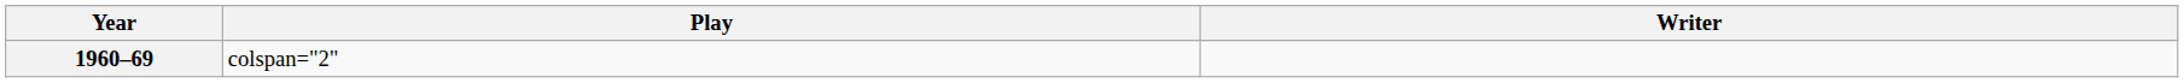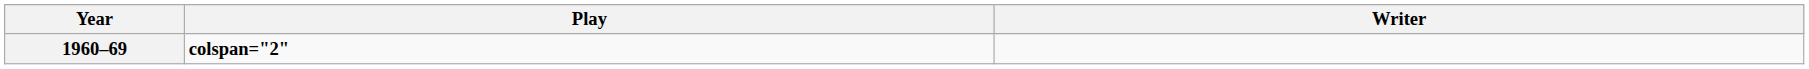 <table class="wikitable" style="width:98%;">
 <tr style="background:#bebebe;">
 <th style="width:10%;">Year</th>
 <th style="width:45%;">Play</th>
 <th style="width:45%;">Writer</th>
 </tr>
 <tr>
 <th>1960–69</th>
-<td>colspan="2" </td>
+<td><strong>colspan="2" </strong></td>
 </tr>
 </table>
